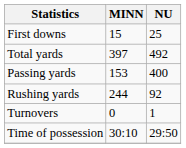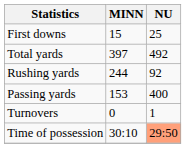 <table class="wikitable">
 <tr>
 <th>Statistics</th>
 <th>MINN</th>
 <th>NU</th>
 </tr>
 <tr>
 <td>First downs</td>
 <td>15</td>
 <td>25</td>
 </tr>
 <tr>
 <td>Total yards</td>
 <td>397</td>
 <td>492</td>
 </tr>
 <tr>
+<td>Rushing yards</td>
+<td>244</td>
+<td>92</td>
+</tr>
+<tr>
 <td>Passing yards</td>
 <td>153</td>
 <td>400</td>
-</tr>
-<tr>
-<td>Rushing yards</td>
-<td>244</td>
-<td>92</td>
 </tr>
 <tr>
 <td>Turnovers</td>
 <td>0</td>
 <td>1</td>
 </tr>
 <tr>
 <td>Time of possession</td>
 <td>30:10</td>
-<td>29:50</td>
+<td style="background: lightsalmon;">29:50</td>
 </tr>
 <tr>
 </tr>
 </table>
